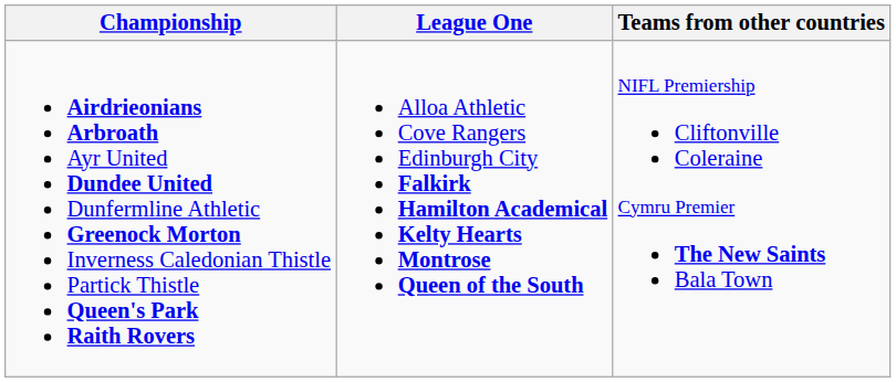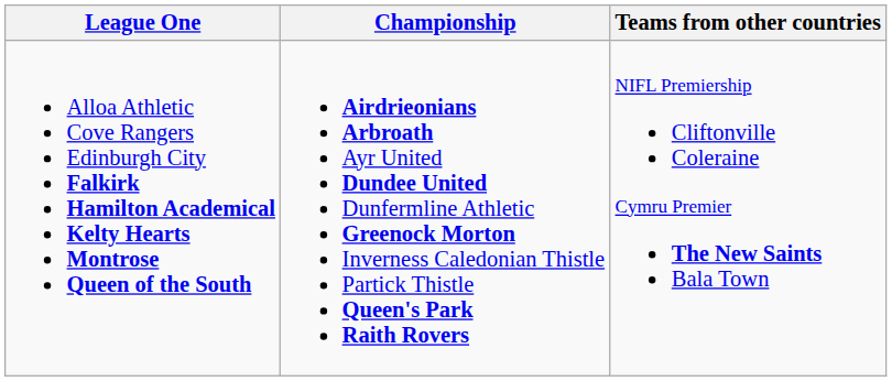 <table class="wikitable">
 <tr>
+<th><a href='#'>League One</a></th>
 <th><a href='#'>Championship</a></th>
-<th><a href='#'>League One</a></th>
 <th>Teams from other countries</th>
 </tr>
 <tr>
+<td valign="top"><br><ul><li><a href='#'>Alloa Athletic</a></li><li><a href='#'>Cove Rangers</a></li><li><a href='#'>Edinburgh City</a></li><li><strong><a href='#'>Falkirk</a></strong></li><li><strong><a href='#'>Hamilton Academical</a></strong></li><li><strong><a href='#'>Kelty Hearts</a></strong></li><li><strong><a href='#'>Montrose</a></strong></li><li><strong><a href='#'>Queen of the South</a></strong></li></ul></td>
 <td valign="top"><br><ul><li><strong><a href='#'>Airdrieonians</a></strong></li><li><strong><a href='#'>Arbroath</a></strong></li><li><a href='#'>Ayr United</a></li><li><strong><a href='#'>Dundee United</a></strong></li><li><a href='#'>Dunfermline Athletic</a></li><li><strong><a href='#'>Greenock Morton</a></strong></li><li><a href='#'>Inverness Caledonian Thistle</a></li><li><a href='#'>Partick Thistle</a></li><li><strong><a href='#'>Queen's Park</a></strong></li><li><strong><a href='#'>Raith Rovers</a></strong></li></ul></td>
-<td valign="top"><br><ul><li><a href='#'>Alloa Athletic</a></li><li><a href='#'>Cove Rangers</a></li><li><a href='#'>Edinburgh City</a></li><li><strong><a href='#'>Falkirk</a></strong></li><li><strong><a href='#'>Hamilton Academical</a></strong></li><li><strong><a href='#'>Kelty Hearts</a></strong></li><li><strong><a href='#'>Montrose</a></strong></li><li><strong><a href='#'>Queen of the South</a></strong></li></ul></td>
 <td valign="top"><br><small><a href='#'>NIFL Premiership</a></small><ul><li><a href='#'>Cliftonville</a></li><li><a href='#'>Coleraine</a></li></ul><small><a href='#'>Cymru Premier</a></small><ul><li><strong><a href='#'>The New Saints</a></strong></li><li><a href='#'>Bala Town</a></li></ul></td>
 </tr>
 </table>
